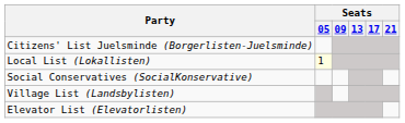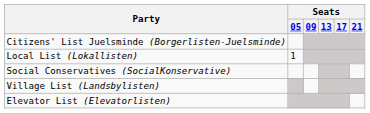 <table class="wikitable">
 <tr>
 <th rowspan=2>Party</th>
 <th colspan=11>Seats</th>
 </tr>
 <tr>
 <th><a href='#'>05</a></th>
 <th><a href='#'>09</a></th>
 <th><a href='#'>13</a></th>
 <th><a href='#'>17</a></th>
 <th><a href='#'>21</a></th>
 </tr>
 <tr>
 <td>Citizens' List Juelsminde <em>(Borgerlisten-Juelsminde)</em></td>
 <td></td>
 <td style="background:#CDC9C9;" colspan=4></td>
 </tr>
 <tr>
 <td>Local List <em>(Lokallisten)</em></td>
-<td style="background: lightyellow;">1</td>
+<td>1</td>
 <td style="background:#CDC9C9;" colspan=4></td>
 </tr>
 <tr>
 <td>Social Conservatives <em>(SocialKonservative)</em></td>
 <td></td>
 <td></td>
 <td style="background:#CDC9C9;" colspan=2></td>
 <td></td>
 </tr>
 <tr>
 <td>Village List <em>(Landsbylisten)</em></td>
 <td style="background:#CDC9C9;"></td>
 <td></td>
 <td style="background:#CDC9C9;" colspan=3></td>
 </tr>
 <tr>
 <td>Elevator List <em>(Elevatorlisten)</em></td>
 <td style="background:#CDC9C9;" colspan=4></td>
 <td></td>
 </tr>
 </table>
